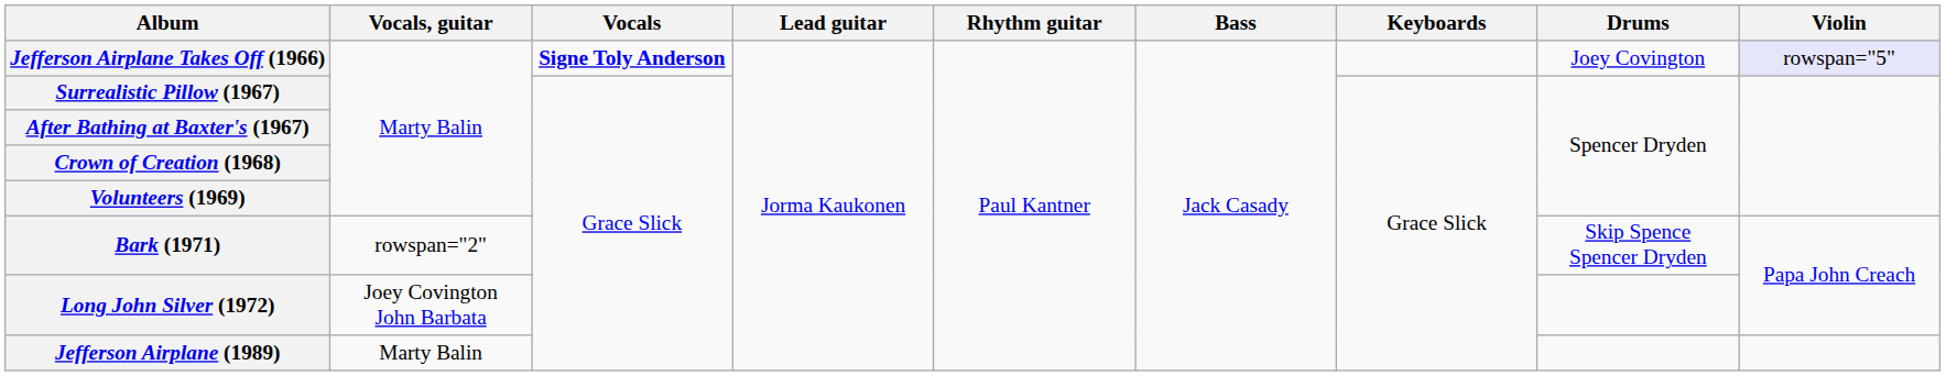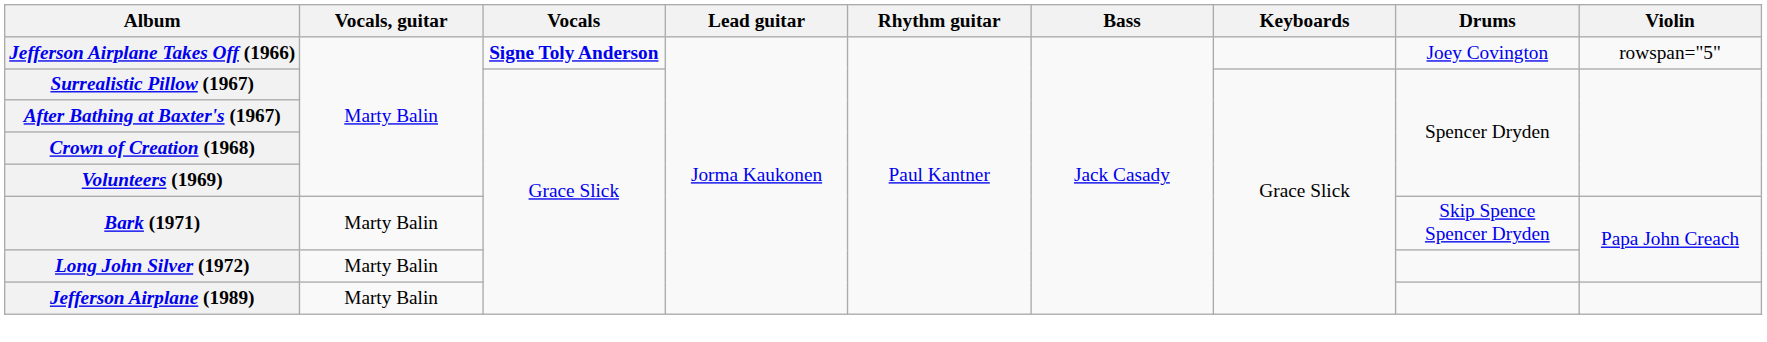 <table class="wikitable plainrowheaders" style="text-align:center; font-size:90%;">
 <tr>
 <th scope="col">Album</th>
 <th scope="col" style="width:9em;">Vocals, guitar</th>
 <th scope="col" style="width:9em;">Vocals</th>
 <th scope="col" style="width:9em;">Lead guitar</th>
 <th scope="col" style="width:9em;">Rhythm guitar</th>
 <th scope="col" style="width:9em;">Bass</th>
 <th scope="col" style="width:9em;">Keyboards</th>
 <th scope="col" style="width:9em;">Drums</th>
 <th scope="col" style="width:9em;">Violin</th>
 </tr>
 <tr>
 <th scope="row"><em><a href='#'>Jefferson Airplane Takes Off</a></em> (1966)</th>
 <td rowspan="5"><a href='#'>Marty Balin</a></td>
 <td><strong><a href='#'>Signe Toly Anderson</a></strong></td>
 <td rowspan="8"><a href='#'>Jorma Kaukonen</a></td>
 <td rowspan="8"><a href='#'>Paul Kantner</a></td>
 <td rowspan="8"><a href='#'>Jack Casady</a></td>
 <td></td>
 <td><a href='#'>Joey Covington</a></td>
-<td style="background: lavender;">rowspan="5" </td>
+<td>rowspan="5" </td>
 </tr>
 <tr>
 <th scope="row"><em><a href='#'>Surrealistic Pillow</a></em> (1967)</th>
 <td rowspan="7"><a href='#'>Grace Slick</a></td>
 <td rowspan="7">Grace Slick</td>
 <td rowspan="4">Spencer Dryden</td>
 </tr>
 <tr>
 <th scope="row"><em><a href='#'>After Bathing at Baxter's</a></em> (1967)</th>
 </tr>
 <tr>
 <th scope="row"><em><a href='#'>Crown of Creation</a></em> (1968)</th>
 </tr>
 <tr>
 <th scope="row"><em><a href='#'>Volunteers</a></em> (1969)</th>
 </tr>
 <tr>
 <th scope="row"><em><a href='#'>Bark</a></em> (1971)</th>
-<td>rowspan="2" </td>
+<td>Marty Balin</td>
 <td><a href='#'>Skip Spence</a><br><a href='#'>Spencer Dryden</a></td>
 <td rowspan="2"><a href='#'>Papa John Creach</a></td>
 </tr>
 <tr>
 <th scope="row"><em><a href='#'>Long John Silver</a></em> (1972)</th>
-<td>Joey Covington<br><a href='#'>John Barbata</a></td>
+<td>Marty Balin</td>
 </tr>
 <tr>
 <th scope="row"><em><a href='#'>Jefferson Airplane</a></em> (1989)</th>
 <td>Marty Balin</td>
 <td></td>
 <td></td>
 </tr>
 </table>
